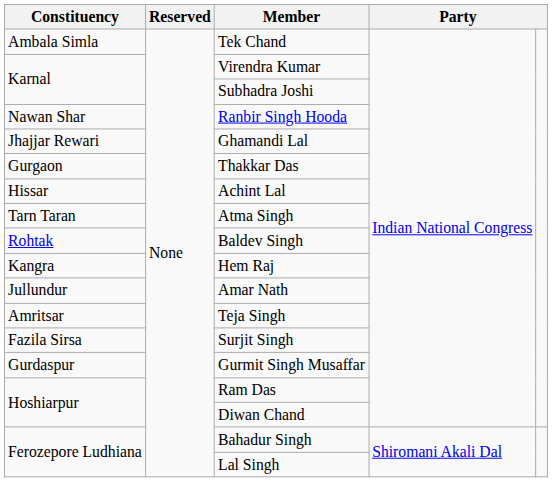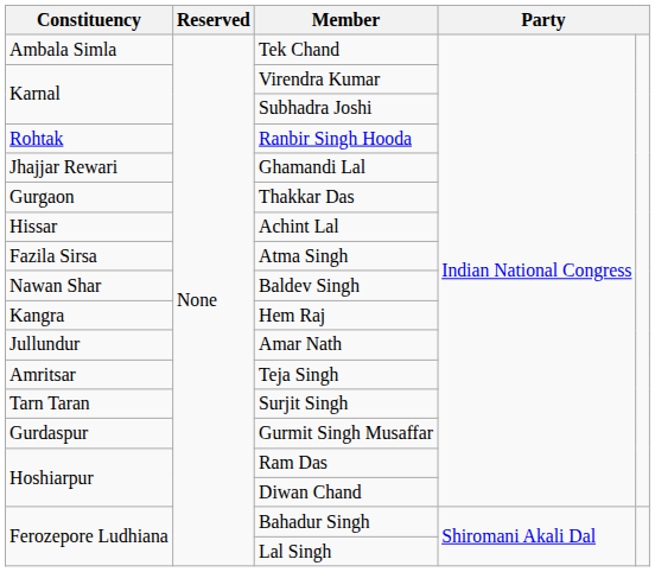 <table class="wikitable">
 <tr>
 <th>Constituency</th>
 <th>Reserved</th>
 <th>Member</th>
 <th colspan=2>Party</th>
 </tr>
 <tr>
 <td>Ambala Simla</td>
 <td rowspan=18>None</td>
 <td>Tek Chand</td>
 <td rowspan=16><a href='#'>Indian National Congress</a></td>
 <td rowspan=16 width="4px" style="background-color: "></td>
 </tr>
 <tr>
 <td rowspan=2>Karnal</td>
 <td>Virendra Kumar</td>
 </tr>
 <tr>
 <td>Subhadra Joshi</td>
 </tr>
 <tr>
-<td>Nawan Shar</td>
+<td><a href='#'>Rohtak</a></td>
 <td><a href='#'>Ranbir Singh Hooda</a></td>
 </tr>
 <tr>
 <td>Jhajjar Rewari</td>
 <td>Ghamandi Lal</td>
 </tr>
 <tr>
 <td>Gurgaon</td>
 <td>Thakkar Das</td>
 </tr>
 <tr>
 <td>Hissar</td>
 <td>Achint Lal</td>
 </tr>
 <tr>
-<td>Tarn Taran</td>
+<td>Fazila Sirsa</td>
 <td>Atma Singh</td>
 </tr>
 <tr>
-<td><a href='#'>Rohtak</a></td>
+<td>Nawan Shar</td>
 <td>Baldev Singh</td>
 </tr>
 <tr>
 <td>Kangra</td>
 <td>Hem Raj</td>
 </tr>
 <tr>
 <td>Jullundur</td>
 <td>Amar Nath</td>
 </tr>
 <tr>
 <td>Amritsar</td>
 <td>Teja Singh</td>
 </tr>
 <tr>
-<td>Fazila Sirsa</td>
+<td>Tarn Taran</td>
 <td>Surjit Singh</td>
 </tr>
 <tr>
 <td>Gurdaspur</td>
 <td>Gurmit Singh Musaffar</td>
 </tr>
 <tr>
 <td rowspan=2>Hoshiarpur</td>
 <td>Ram Das</td>
 </tr>
 <tr>
 <td>Diwan Chand</td>
 </tr>
 <tr>
 <td rowspan=2>Ferozepore Ludhiana</td>
 <td>Bahadur Singh</td>
 <td rowspan=2><a href='#'>Shiromani Akali Dal</a></td>
 <td rowspan=2 width="4px" style="background-color: "></td>
 </tr>
 <tr>
 <td>Lal Singh</td>
 </tr>
 </table>
